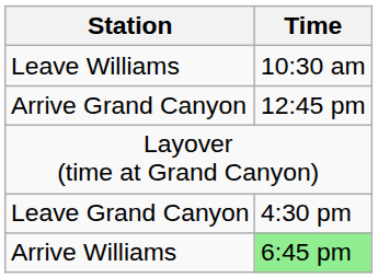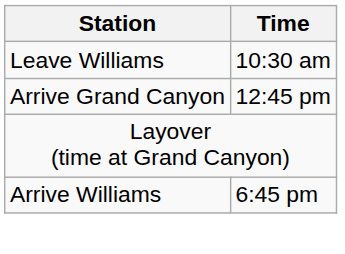 <table class="wikitable" style="display: inline-table;margin:1em auto;">
 <tr>
 <th>Station</th>
 <th>Time</th>
 </tr>
 <tr>
 <td>Leave Williams</td>
 <td>10:30 am</td>
 </tr>
 <tr>
 <td>Arrive Grand Canyon</td>
 <td>12:45 pm</td>
 </tr>
 <tr>
 <td colspan="2" style="text-align:center;">Layover<br>(time at Grand Canyon)</td>
 </tr>
 <tr>
-<td>Leave Grand Canyon</td>
-<td>4:30 pm</td>
-</tr>
-<tr>
 <td>Arrive Williams</td>
-<td style="background: lightgreen;">6:45 pm</td>
+<td>6:45 pm</td>
 </tr>
 </table>
